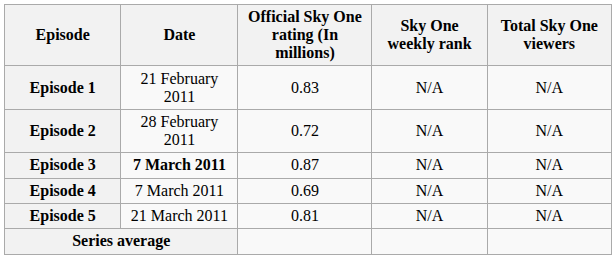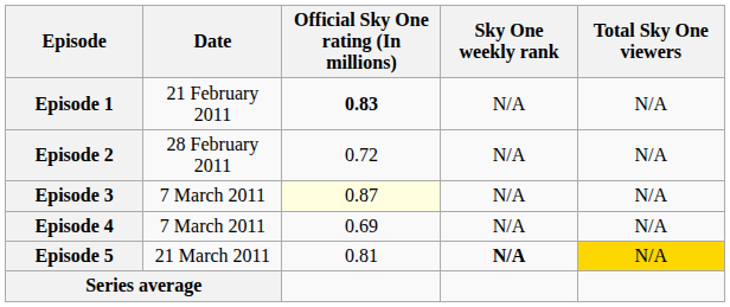 <table class="wikitable sortable" style="text-align:center">
 <tr>
 <th scope="col" style="width:120px;">Episode</th>
 <th scope="col" style="width:120px;">Date</th>
 <th scope="col" style="width:140px;">Official Sky One rating (In millions)</th>
 <th scope="col" style="width:120px;">Sky One weekly rank</th>
 <th scope="col" style="width:130px;">Total Sky One viewers</th>
 </tr>
 <tr>
 <th scope="row">Episode 1</th>
 <td>21 February 2011</td>
-<td>0.83</td>
+<td><strong>0.83</strong></td>
 <td>N/A</td>
 <td>N/A</td>
 </tr>
 <tr>
 <th scope="row">Episode 2</th>
 <td>28 February 2011</td>
 <td>0.72</td>
 <td>N/A</td>
 <td>N/A</td>
 </tr>
 <tr>
 <th scope="row">Episode 3</th>
-<td><strong>7 March 2011</strong></td>
-<td>0.87</td>
+<td>7 March 2011</td>
+<td style="background: lightyellow;">0.87</td>
 <td>N/A</td>
 <td>N/A</td>
 </tr>
 <tr>
 <th scope="row">Episode 4</th>
 <td>7 March 2011</td>
 <td>0.69</td>
 <td>N/A</td>
 <td>N/A</td>
 </tr>
 <tr>
 <th scope="row">Episode 5</th>
 <td>21 March 2011</td>
 <td>0.81</td>
-<td>N/A</td>
-<td>N/A</td>
+<td><strong>N/A</strong></td>
+<td style="background: gold;">N/A</td>
 </tr>
 <tr>
 <th scope="row" colspan="2">Series average</th>
 <td></td>
 <td></td>
 <td></td>
 </tr>
 </table>
